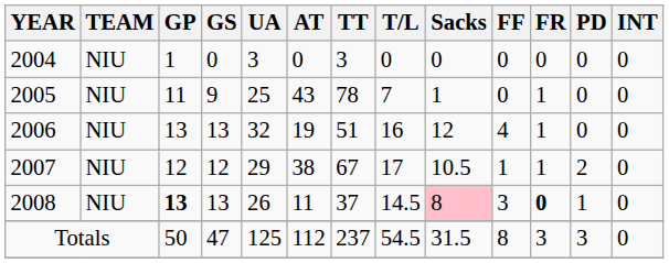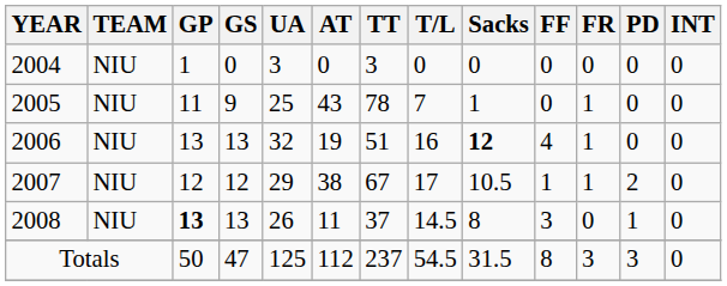 <table class="wikitable">
 <tr>
 <th>YEAR</th>
 <th>TEAM</th>
 <th>GP</th>
 <th>GS</th>
 <th>UA</th>
 <th>AT</th>
 <th>TT</th>
 <th>T/L</th>
 <th>Sacks</th>
 <th>FF</th>
 <th>FR</th>
 <th>PD</th>
 <th>INT</th>
 </tr>
 <tr>
 <td>2004</td>
 <td>NIU</td>
 <td>1</td>
 <td>0</td>
 <td>3</td>
 <td>0</td>
 <td>3</td>
 <td>0</td>
 <td>0</td>
 <td>0</td>
 <td>0</td>
 <td>0</td>
 <td>0</td>
 </tr>
 <tr>
 <td>2005</td>
 <td>NIU</td>
 <td>11</td>
 <td>9</td>
 <td>25</td>
 <td>43</td>
 <td>78</td>
 <td>7</td>
 <td>1</td>
 <td>0</td>
 <td>1</td>
 <td>0</td>
 <td>0</td>
 </tr>
 <tr>
 <td>2006</td>
 <td>NIU</td>
 <td>13</td>
 <td>13</td>
 <td>32</td>
 <td>19</td>
 <td>51</td>
 <td>16</td>
-<td>12</td>
+<td><strong>12</strong></td>
 <td>4</td>
 <td>1</td>
 <td>0</td>
 <td>0</td>
 </tr>
 <tr>
 <td>2007</td>
 <td>NIU</td>
 <td>12</td>
 <td>12</td>
 <td>29</td>
 <td>38</td>
 <td>67</td>
 <td>17</td>
 <td>10.5</td>
 <td>1</td>
 <td>1</td>
 <td>2</td>
 <td>0</td>
 </tr>
 <tr>
 <td>2008</td>
 <td>NIU</td>
 <td><strong>13</strong></td>
 <td>13</td>
 <td>26</td>
 <td>11</td>
 <td>37</td>
 <td>14.5</td>
-<td style="background: pink;">8</td>
+<td>8</td>
 <td>3</td>
-<td><strong>0</strong></td>
+<td>0</td>
 <td>1</td>
 <td>0</td>
 </tr>
 <tr>
 </tr>
 <tr>
 <td colspan="2" align="center">Totals</td>
 <td>50</td>
 <td>47</td>
 <td>125</td>
 <td>112</td>
 <td>237</td>
 <td>54.5</td>
 <td>31.5</td>
 <td>8</td>
 <td>3</td>
 <td>3</td>
 <td>0</td>
 </tr>
 <tr>
 </tr>
 <tr>
 </tr>
 </table>
